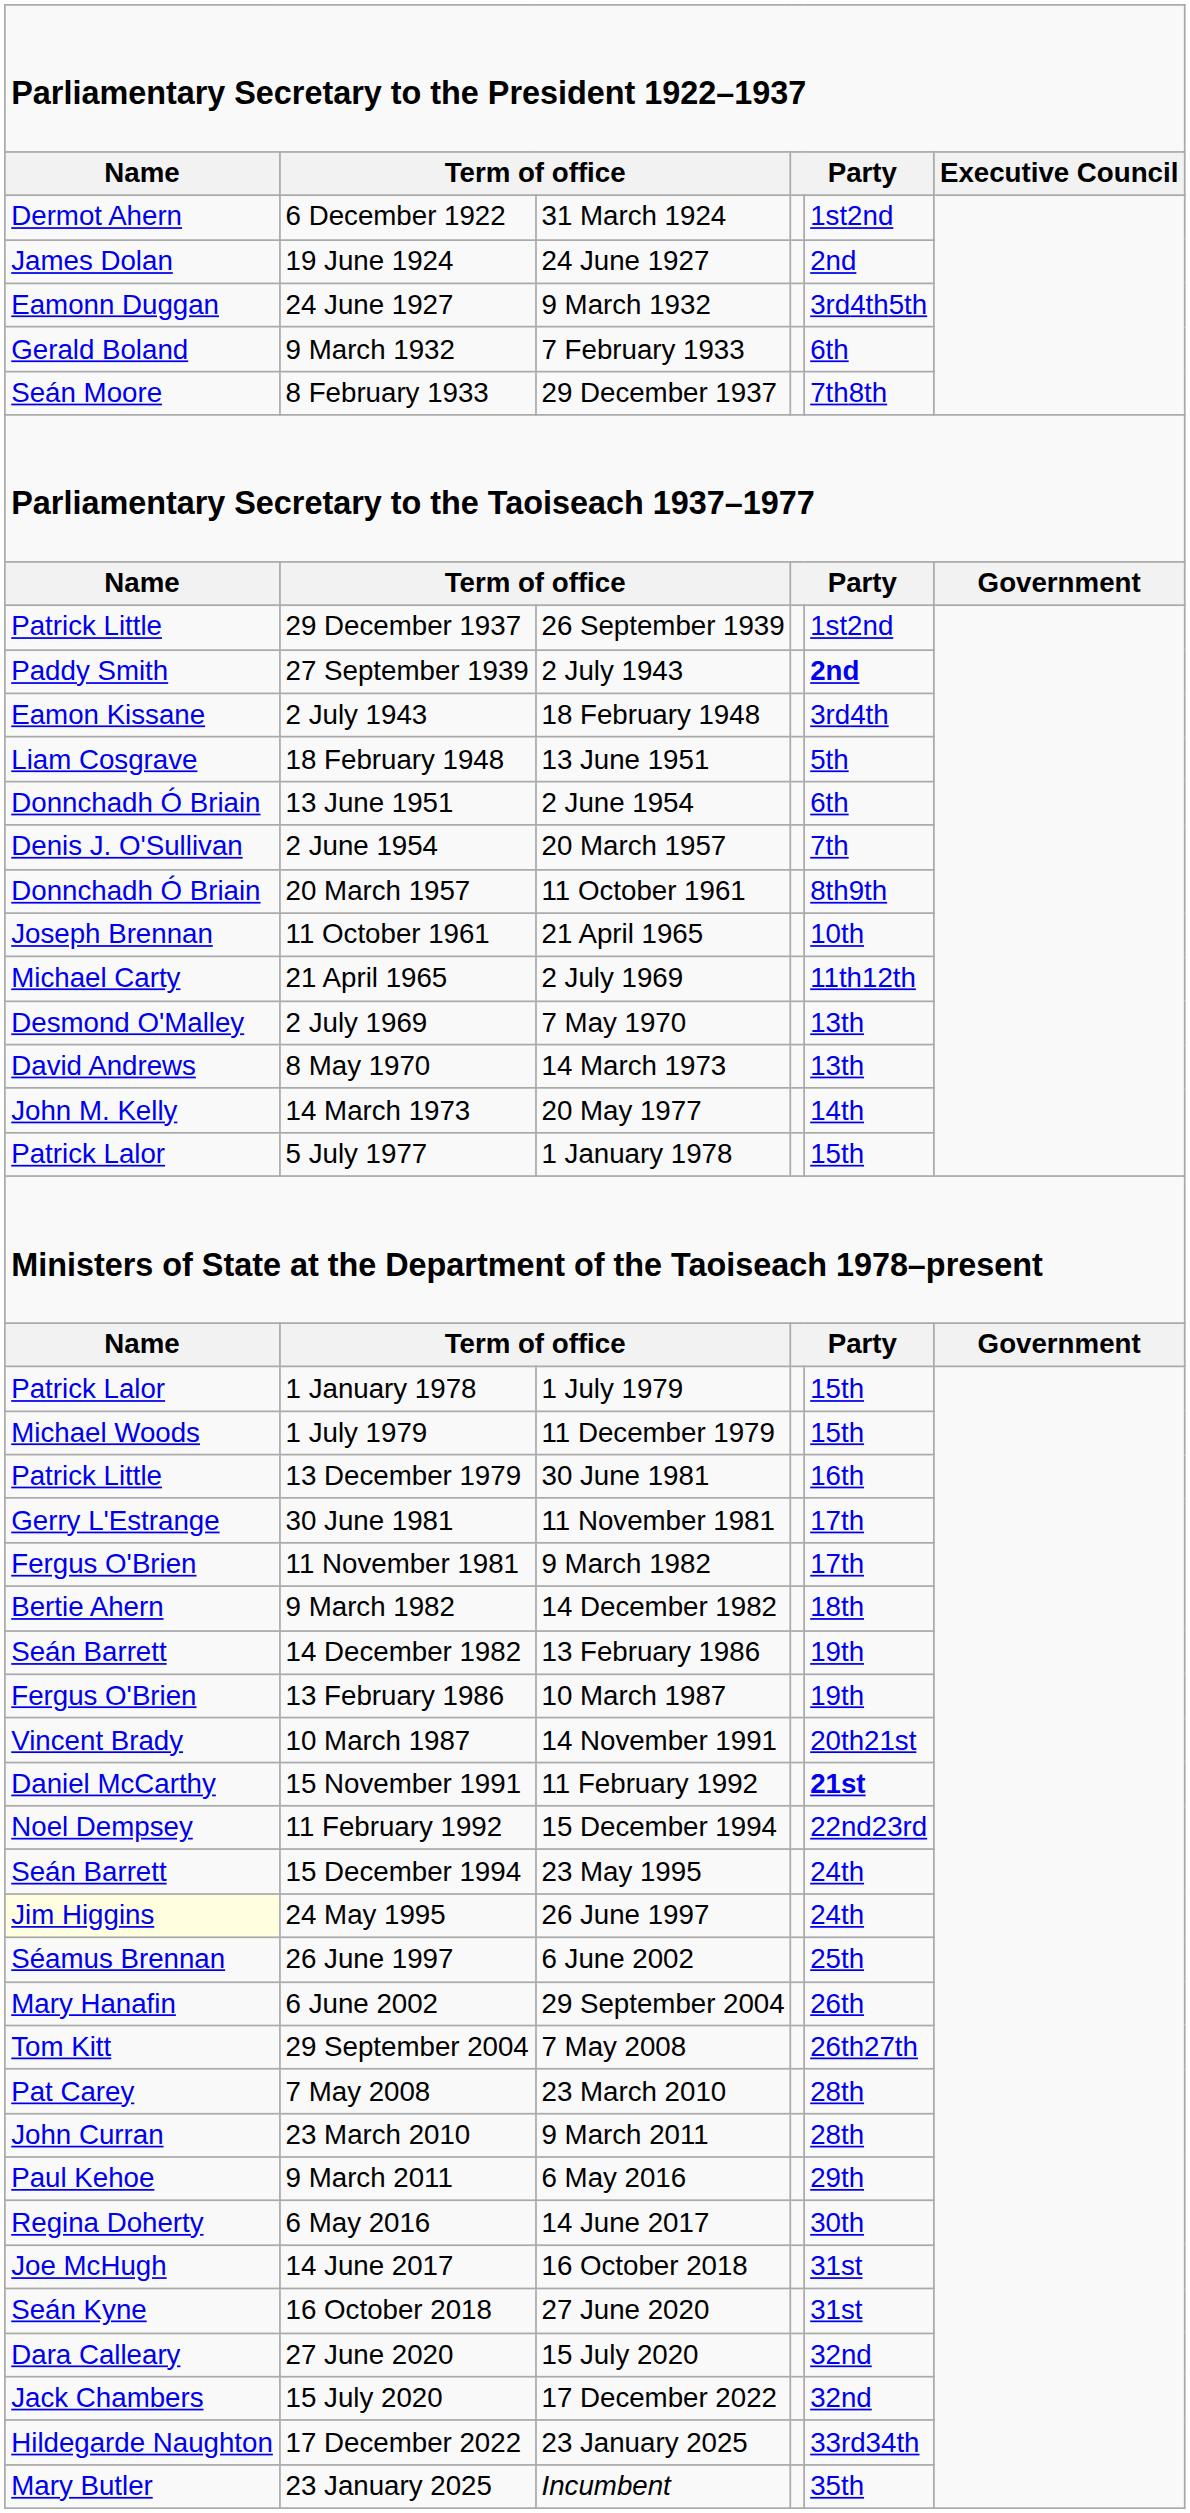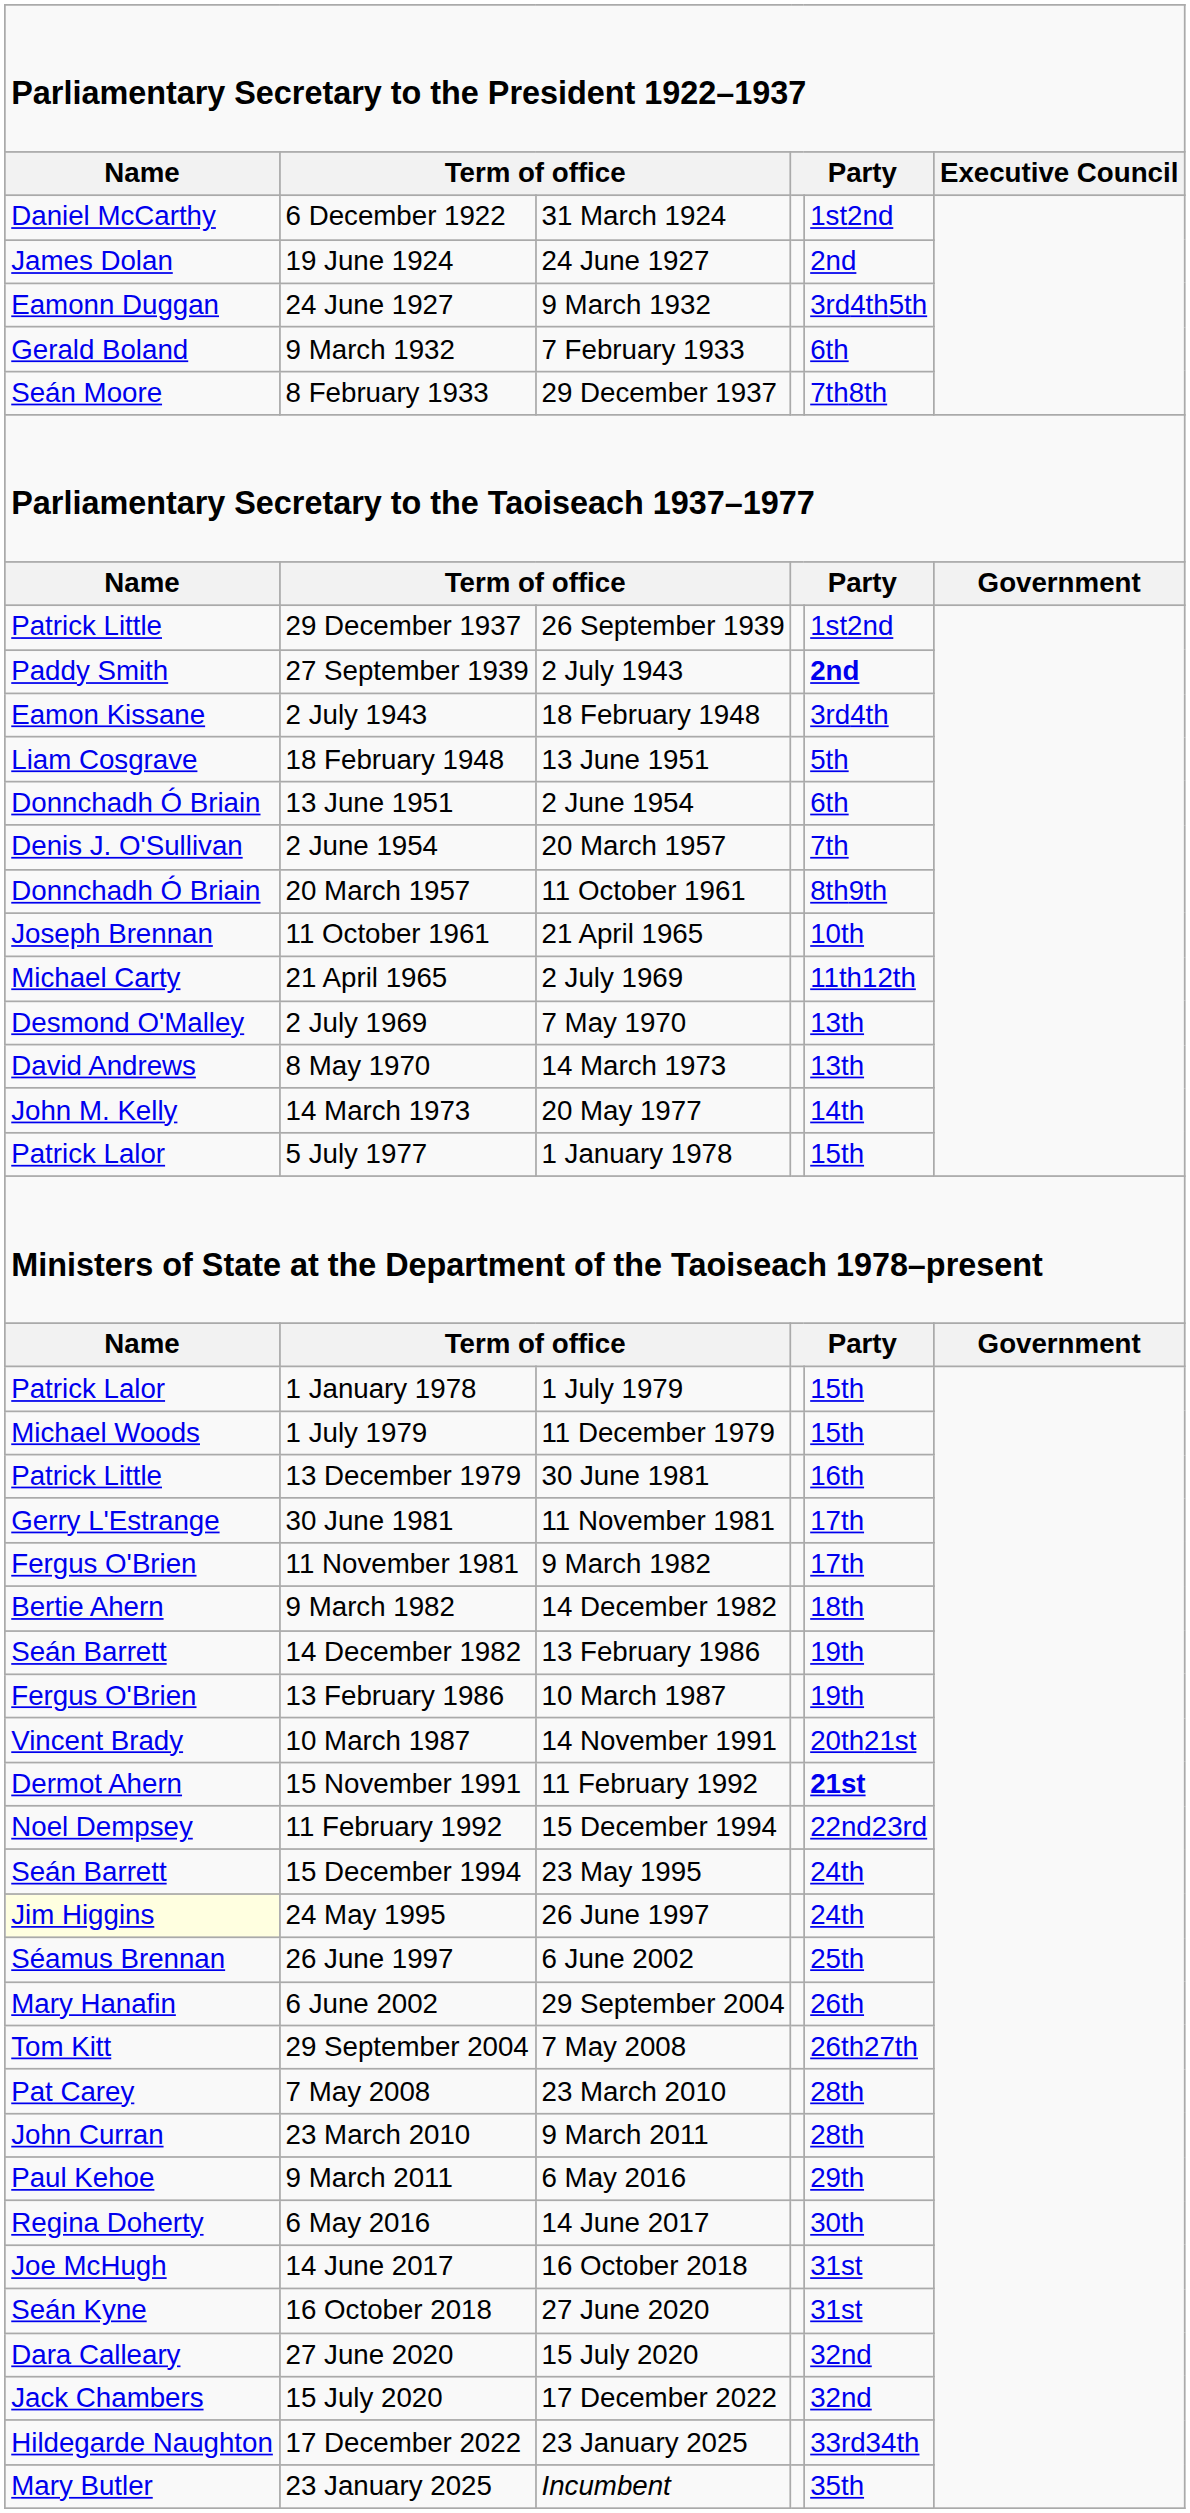 <table class="wikitable">
 <tr>
 <td colspan="6"><br><h3>Parliamentary Secretary to the President 1922–1937</h3></td>
 </tr>
 <tr>
 <th>Name</th>
 <th colspan="2">Term of office</th>
 <th colspan="2">Party</th>
 <th>Executive Council</th>
 </tr>
 <tr>
-<td><a href='#'>Dermot Ahern</a></td>
+<td><a href='#'>Daniel McCarthy</a></td>
 <td>6 December 1922</td>
 <td>31 March 1924</td>
 <td></td>
 <td><a href='#'>1st</a><a href='#'>2nd</a></td>
 </tr>
 <tr>
 <td><a href='#'>James Dolan</a></td>
 <td>19 June 1924</td>
 <td>24 June 1927</td>
 <td></td>
 <td><a href='#'>2nd</a></td>
 </tr>
 <tr>
 <td><a href='#'>Eamonn Duggan</a></td>
 <td>24 June 1927</td>
 <td>9 March 1932</td>
 <td></td>
 <td><a href='#'>3rd</a><a href='#'>4th</a><a href='#'>5th</a></td>
 </tr>
 <tr>
 <td><a href='#'>Gerald Boland</a></td>
 <td>9 March 1932</td>
 <td>7 February 1933</td>
 <td></td>
 <td><a href='#'>6th</a></td>
 </tr>
 <tr>
 <td><a href='#'>Seán Moore</a></td>
 <td>8 February 1933</td>
 <td>29 December 1937</td>
 <td></td>
 <td><a href='#'>7th</a><a href='#'>8th</a></td>
 </tr>
 <tr>
 <td colspan="6"><br><h3>Parliamentary Secretary to the Taoiseach 1937–1977</h3></td>
 </tr>
 <tr>
 <th>Name</th>
 <th colspan="2">Term of office</th>
 <th colspan="2">Party</th>
 <th>Government</th>
 </tr>
 <tr>
 <td><a href='#'>Patrick Little</a></td>
 <td>29 December 1937</td>
 <td>26 September 1939</td>
 <td></td>
 <td><a href='#'>1st</a><a href='#'>2nd</a></td>
 </tr>
 <tr>
 <td><a href='#'>Paddy Smith</a></td>
 <td>27 September 1939</td>
 <td>2 July 1943</td>
 <td></td>
 <td><strong><a href='#'>2nd</a></strong></td>
 </tr>
 <tr>
 <td><a href='#'>Eamon Kissane</a></td>
 <td>2 July 1943</td>
 <td>18 February 1948</td>
 <td></td>
 <td><a href='#'>3rd</a><a href='#'>4th</a></td>
 </tr>
 <tr>
 <td><a href='#'>Liam Cosgrave</a></td>
 <td>18 February 1948</td>
 <td>13 June 1951</td>
 <td></td>
 <td><a href='#'>5th</a></td>
 </tr>
 <tr>
 <td><a href='#'>Donnchadh Ó Briain</a></td>
 <td>13 June 1951</td>
 <td>2 June 1954</td>
 <td></td>
 <td><a href='#'>6th</a></td>
 </tr>
 <tr>
 <td><a href='#'>Denis J. O'Sullivan</a></td>
 <td>2 June 1954</td>
 <td>20 March 1957</td>
 <td></td>
 <td><a href='#'>7th</a></td>
 </tr>
 <tr>
 <td><a href='#'>Donnchadh Ó Briain</a></td>
 <td>20 March 1957</td>
 <td>11 October 1961</td>
 <td></td>
 <td><a href='#'>8th</a><a href='#'>9th</a></td>
 </tr>
 <tr>
 <td><a href='#'>Joseph Brennan</a></td>
 <td>11 October 1961</td>
 <td>21 April 1965</td>
 <td></td>
 <td><a href='#'>10th</a></td>
 </tr>
 <tr>
 <td><a href='#'>Michael Carty</a></td>
 <td>21 April 1965</td>
 <td>2 July 1969</td>
 <td></td>
 <td><a href='#'>11th</a><a href='#'>12th</a></td>
 </tr>
 <tr>
 <td><a href='#'>Desmond O'Malley</a></td>
 <td>2 July 1969</td>
 <td>7 May 1970</td>
 <td></td>
 <td><a href='#'>13th</a></td>
 </tr>
 <tr>
 <td><a href='#'>David Andrews</a></td>
 <td>8 May 1970</td>
 <td>14 March 1973</td>
 <td></td>
 <td><a href='#'>13th</a></td>
 </tr>
 <tr>
 <td><a href='#'>John M. Kelly</a></td>
 <td>14 March 1973</td>
 <td>20 May 1977</td>
 <td></td>
 <td><a href='#'>14th</a></td>
 </tr>
 <tr>
 <td><a href='#'>Patrick Lalor</a></td>
 <td>5 July 1977</td>
 <td>1 January 1978</td>
 <td></td>
 <td><a href='#'>15th</a></td>
 </tr>
 <tr>
 <td colspan="6"><br><h3>Ministers of State at the Department of the Taoiseach 1978–present</h3></td>
 </tr>
 <tr>
 <th>Name</th>
 <th colspan="2">Term of office</th>
 <th colspan="2">Party</th>
 <th>Government</th>
 </tr>
 <tr>
 <td><a href='#'>Patrick Lalor</a></td>
 <td>1 January 1978</td>
 <td>1 July 1979</td>
 <td></td>
 <td><a href='#'>15th</a></td>
 </tr>
 <tr>
 <td><a href='#'>Michael Woods</a></td>
 <td>1 July 1979</td>
 <td>11 December 1979</td>
 <td></td>
 <td><a href='#'>15th</a></td>
 </tr>
 <tr>
 <td><a href='#'>Patrick Little</a></td>
 <td>13 December 1979</td>
 <td>30 June 1981</td>
 <td></td>
 <td><a href='#'>16th</a></td>
 </tr>
 <tr>
 <td><a href='#'>Gerry L'Estrange</a></td>
 <td>30 June 1981</td>
 <td>11 November 1981</td>
 <td></td>
 <td><a href='#'>17th</a></td>
 </tr>
 <tr>
 <td><a href='#'>Fergus O'Brien</a></td>
 <td>11 November 1981</td>
 <td>9 March 1982</td>
 <td></td>
 <td><a href='#'>17th</a></td>
 </tr>
 <tr>
 <td><a href='#'>Bertie Ahern</a></td>
 <td>9 March 1982</td>
 <td>14 December 1982</td>
 <td></td>
 <td><a href='#'>18th</a></td>
 </tr>
 <tr>
 <td><a href='#'>Seán Barrett</a></td>
 <td>14 December 1982</td>
 <td>13 February 1986</td>
 <td></td>
 <td><a href='#'>19th</a></td>
 </tr>
 <tr>
 <td><a href='#'>Fergus O'Brien</a></td>
 <td>13 February 1986</td>
 <td>10 March 1987</td>
 <td></td>
 <td><a href='#'>19th</a></td>
 </tr>
 <tr>
 <td><a href='#'>Vincent Brady</a></td>
 <td>10 March 1987</td>
 <td>14 November 1991</td>
 <td></td>
 <td><a href='#'>20th</a><a href='#'>21st</a></td>
 </tr>
 <tr>
-<td><a href='#'>Daniel McCarthy</a></td>
+<td><a href='#'>Dermot Ahern</a></td>
 <td>15 November 1991</td>
 <td>11 February 1992</td>
 <td></td>
 <td><strong><a href='#'>21st</a></strong></td>
 </tr>
 <tr>
 <td><a href='#'>Noel Dempsey</a></td>
 <td>11 February 1992</td>
 <td>15 December 1994</td>
 <td></td>
 <td><a href='#'>22nd</a><a href='#'>23rd</a></td>
 </tr>
 <tr>
 <td><a href='#'>Seán Barrett</a></td>
 <td>15 December 1994</td>
 <td>23 May 1995</td>
 <td></td>
 <td><a href='#'>24th</a></td>
 </tr>
 <tr>
 <td style="background: lightyellow;"><a href='#'>Jim Higgins</a></td>
 <td>24 May 1995</td>
 <td>26 June 1997</td>
 <td></td>
 <td><a href='#'>24th</a></td>
 </tr>
 <tr>
 <td><a href='#'>Séamus Brennan</a></td>
 <td>26 June 1997</td>
 <td>6 June 2002</td>
 <td></td>
 <td><a href='#'>25th</a></td>
 </tr>
 <tr>
 <td><a href='#'>Mary Hanafin</a></td>
 <td>6 June 2002</td>
 <td>29 September 2004</td>
 <td></td>
 <td><a href='#'>26th</a></td>
 </tr>
 <tr>
 <td><a href='#'>Tom Kitt</a></td>
 <td>29 September 2004</td>
 <td>7 May 2008</td>
 <td></td>
 <td><a href='#'>26th</a><a href='#'>27th</a></td>
 </tr>
 <tr>
 <td><a href='#'>Pat Carey</a></td>
 <td>7 May 2008</td>
 <td>23 March 2010</td>
 <td></td>
 <td><a href='#'>28th</a></td>
 </tr>
 <tr>
 <td><a href='#'>John Curran</a></td>
 <td>23 March 2010</td>
 <td>9 March 2011</td>
 <td></td>
 <td><a href='#'>28th</a></td>
 </tr>
 <tr>
 <td><a href='#'>Paul Kehoe</a></td>
 <td>9 March 2011</td>
 <td>6 May 2016</td>
 <td></td>
 <td><a href='#'>29th</a></td>
 </tr>
 <tr>
 <td><a href='#'>Regina Doherty</a></td>
 <td>6 May 2016</td>
 <td>14 June 2017</td>
 <td></td>
 <td><a href='#'>30th</a></td>
 </tr>
 <tr>
 <td><a href='#'>Joe McHugh</a></td>
 <td>14 June 2017</td>
 <td>16 October 2018</td>
 <td></td>
 <td><a href='#'>31st</a></td>
 </tr>
 <tr>
 <td><a href='#'>Seán Kyne</a></td>
 <td>16 October 2018</td>
 <td>27 June 2020</td>
 <td></td>
 <td><a href='#'>31st</a></td>
 </tr>
 <tr>
 <td><a href='#'>Dara Calleary</a></td>
 <td>27 June 2020</td>
 <td>15 July 2020</td>
 <td></td>
 <td><a href='#'>32nd</a></td>
 </tr>
 <tr>
 <td><a href='#'>Jack Chambers</a></td>
 <td>15 July 2020</td>
 <td>17 December 2022</td>
 <td></td>
 <td><a href='#'>32nd</a></td>
 </tr>
 <tr>
 <td><a href='#'>Hildegarde Naughton</a></td>
 <td>17 December 2022</td>
 <td>23 January 2025</td>
 <td></td>
 <td><a href='#'>33rd</a><a href='#'>34th</a></td>
 </tr>
 <tr>
 <td><a href='#'>Mary Butler</a></td>
 <td>23 January 2025</td>
 <td><em>Incumbent</em></td>
 <td></td>
 <td><a href='#'>35th</a></td>
 </tr>
 </table>
